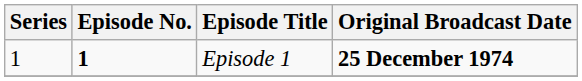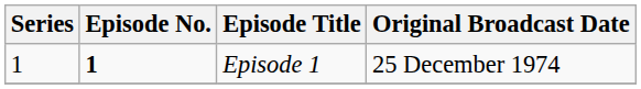 <table class="wikitable">
 <tr>
 <th>Series</th>
 <th>Episode No.</th>
 <th>Episode Title</th>
 <th>Original Broadcast Date</th>
 </tr>
 <tr>
 <td rowspan="1">1</td>
 <td><strong>1</strong></td>
 <td><em> Episode 1</em></td>
-<td><strong>25 December 1974</strong></td>
+<td>25 December 1974</td>
 </tr>
 <tr>
 </tr>
 </table>
